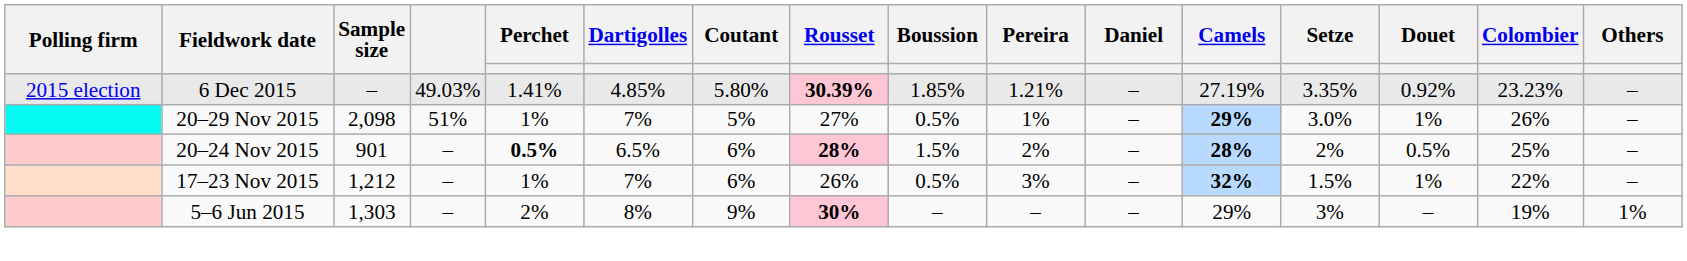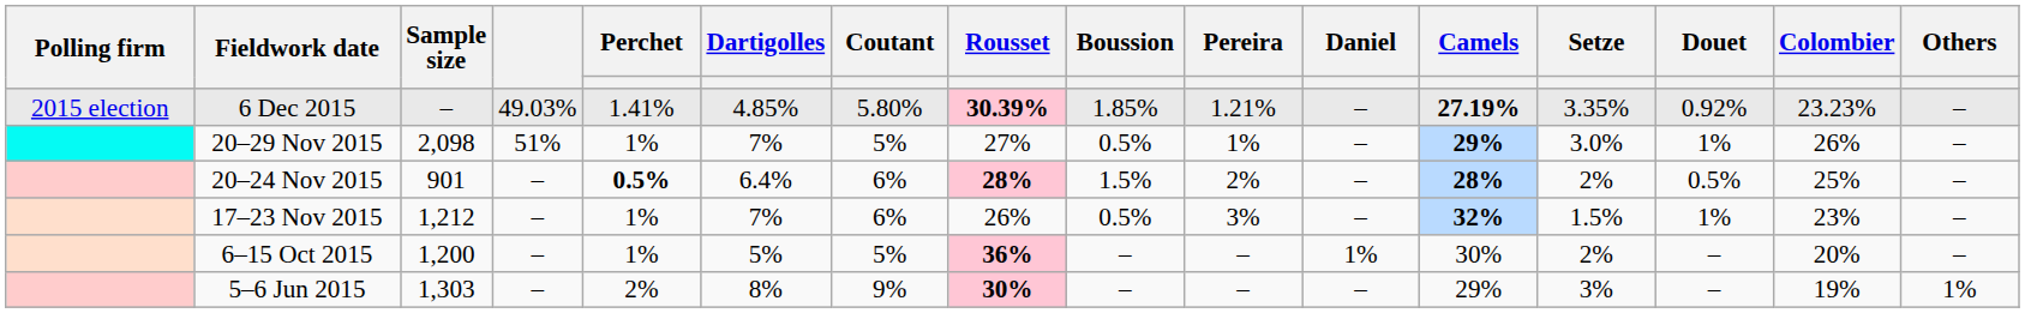 <table class="wikitable sortable" style="text-align:center;font-size:90%;line-height:14px;">
 <tr style="height:40px;">
 <th style="width:100px;" rowspan="2">Polling firm</th>
 <th style="width:110px;" rowspan="2">Fieldwork date</th>
 <th style="width:35px;" rowspan="2">Sample<br>size</th>
 <th style="width:30px;" rowspan="2"></th>
 <th class="unsortable" style="width:60px;">Perchet<br></th>
 <th class="unsortable" style="width:60px;"><a href='#'>Dartigolles</a><br></th>
 <th class="unsortable" style="width:60px;">Coutant<br></th>
 <th class="unsortable" style="width:60px;"><a href='#'>Rousset</a><br></th>
 <th class="unsortable" style="width:60px;">Boussion<br></th>
 <th class="unsortable" style="width:60px;">Pereira<br></th>
 <th class="unsortable" style="width:60px;">Daniel<br></th>
 <th class="unsortable" style="width:60px;"><a href='#'>Camels</a><br></th>
 <th class="unsortable" style="width:60px;">Setze<br></th>
 <th class="unsortable" style="width:60px;">Douet<br></th>
 <th class="unsortable" style="width:60px;"><a href='#'>Colombier</a><br></th>
 <th class="unsortable" style="width:60px;">Others</th>
 </tr>
 <tr>
 <th style="background:"></th>
 <th style="background:"></th>
 <th style="background:"></th>
 <th style="background:"></th>
 <th style="background:"></th>
 <th style="background:"></th>
 <th style="background:"></th>
 <th style="background:"></th>
 <th style="background:"></th>
 <th style="background:"></th>
 <th style="background:"></th>
 <th style="background:"></th>
 </tr>
 <tr style="background:#E9E9E9;">
 <td><a href='#'>2015 election</a></td>
 <td data-sort-value="2015-12-06">6 Dec 2015</td>
 <td>–</td>
 <td>49.03%</td>
 <td>1.41%</td>
 <td>4.85%</td>
 <td>5.80%</td>
 <td style="background:#FFC6D5;"><strong>30.39%</strong></td>
 <td>1.85%</td>
 <td>1.21%</td>
 <td>–</td>
-<td>27.19%</td>
+<td><strong>27.19%</strong></td>
 <td>3.35%</td>
 <td>0.92%</td>
 <td>23.23%</td>
 <td>–</td>
 </tr>
 <tr>
 <td style="background:#04FBF4;"></td>
 <td data-sort-value="2015-11-29">20–29 Nov 2015</td>
 <td>2,098</td>
 <td>51%</td>
 <td>1%</td>
 <td>7%</td>
 <td>5%</td>
 <td>27%</td>
 <td>0.5%</td>
 <td>1%</td>
 <td>–</td>
 <td style="background:#B9DAFF;"><strong>29%</strong></td>
 <td>3.0%</td>
 <td>1%</td>
 <td>26%</td>
 <td>–</td>
 </tr>
 <tr>
 <td style="background:#FFCCCC;"></td>
 <td data-sort-value="2015-11-24">20–24 Nov 2015</td>
 <td>901</td>
 <td>–</td>
 <td><strong>0.5%</strong></td>
-<td>6.5%</td>
+<td>6.4%</td>
 <td>6%</td>
 <td style="background:#FFC6D5;"><strong>28%</strong></td>
 <td>1.5%</td>
 <td>2%</td>
 <td>–</td>
 <td style="background:#B9DAFF;"><strong>28%</strong></td>
 <td>2%</td>
 <td>0.5%</td>
 <td>25%</td>
 <td>–</td>
 </tr>
 <tr>
 <td style="background:#FFDFCC;"></td>
 <td data-sort-value="2015-11-23">17–23 Nov 2015</td>
 <td>1,212</td>
 <td>–</td>
 <td>1%</td>
 <td>7%</td>
 <td>6%</td>
 <td>26%</td>
 <td>0.5%</td>
 <td>3%</td>
 <td>–</td>
 <td style="background:#B9DAFF;"><strong>32%</strong></td>
 <td>1.5%</td>
 <td>1%</td>
-<td>22%</td>
+<td>23%</td>
+<td>–</td>
+</tr>
+<tr>
+<td style="background:#FFDFCC;"></td>
+<td data-sort-value="2015-10-15">6–15 Oct 2015</td>
+<td>1,200</td>
+<td>–</td>
+<td>1%</td>
+<td>5%</td>
+<td>5%</td>
+<td style="background:#FFC6D5;"><strong>36%</strong></td>
+<td>–</td>
+<td>–</td>
+<td>1%</td>
+<td>30%</td>
+<td>2%</td>
+<td>–</td>
+<td>20%</td>
 <td>–</td>
 </tr>
 <tr>
 <td style="background:#FFCCCC;"></td>
 <td data-sort-value="2015-06-06">5–6 Jun 2015</td>
 <td>1,303</td>
 <td>–</td>
 <td>2%</td>
 <td>8%</td>
 <td>9%</td>
 <td style="background:#FFC6D5;"><strong>30%</strong></td>
 <td>–</td>
 <td>–</td>
 <td>–</td>
 <td>29%</td>
 <td>3%</td>
 <td>–</td>
 <td>19%</td>
 <td>1%</td>
 </tr>
 </table>
